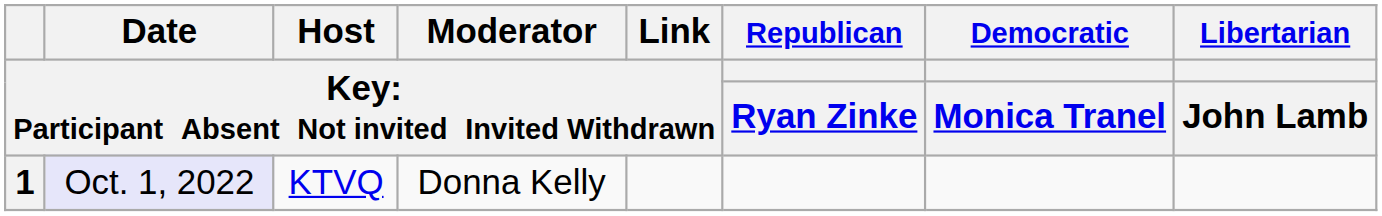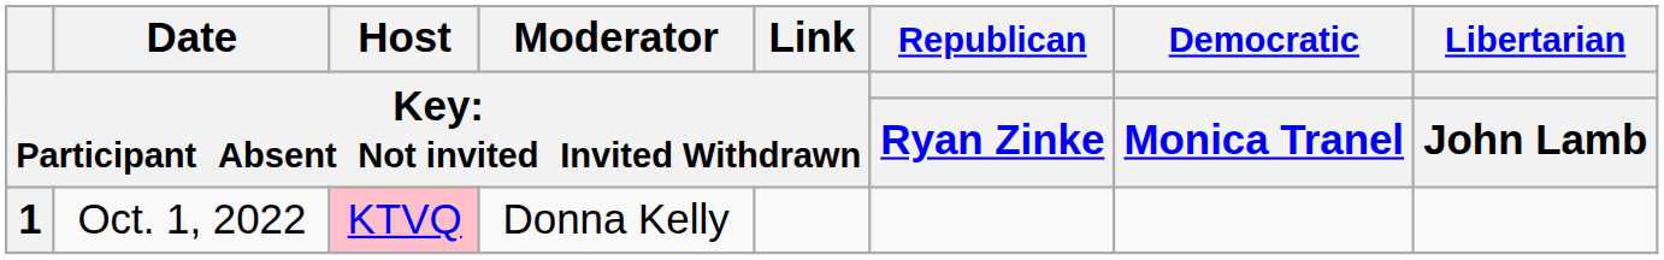 <table class="wikitable" style="text-align:center;">
 <tr>
 <th scope="col"></th>
 <th scope="col">Date</th>
 <th scope="col">Host</th>
 <th scope="col">Moderator</th>
 <th scope="col">Link</th>
 <th scope="col"><small><a href='#'>Republican</a></small></th>
 <th scope="col"><small><a href='#'>Democratic</a></small></th>
 <th scope="col"><small><a href='#'>Libertarian</a></small></th>
 </tr>
 <tr>
 <th colspan="5" rowspan="2">Key:<br> <small>Participant </small>  <small>Absent </small>  <small>Not invited </small>  <small>Invited  Withdrawn</small></th>
 <th scope="col" style="background:"></th>
 <th scope="col" style="background:"></th>
 <th scope="col" style="background:"></th>
 </tr>
 <tr>
 <th scope="col"><a href='#'>Ryan Zinke</a></th>
 <th scope="col"><a href='#'>Monica Tranel</a></th>
 <th scope="col">John Lamb</th>
 </tr>
 <tr>
 <th>1</th>
-<td style="background: lavender; white-space:nowrap;">Oct. 1, 2022</td>
-<td style="white-space:nowrap;"><a href='#'>KTVQ</a></td>
+<td style="white-space:nowrap;">Oct. 1, 2022</td>
+<td style="background: pink; white-space:nowrap;"><a href='#'>KTVQ</a></td>
 <td style="white-space:nowrap;">Donna Kelly</td>
 <td style="white-space:nowrap;"></td>
 <td></td>
 <td></td>
 <td></td>
 </tr>
 </table>
